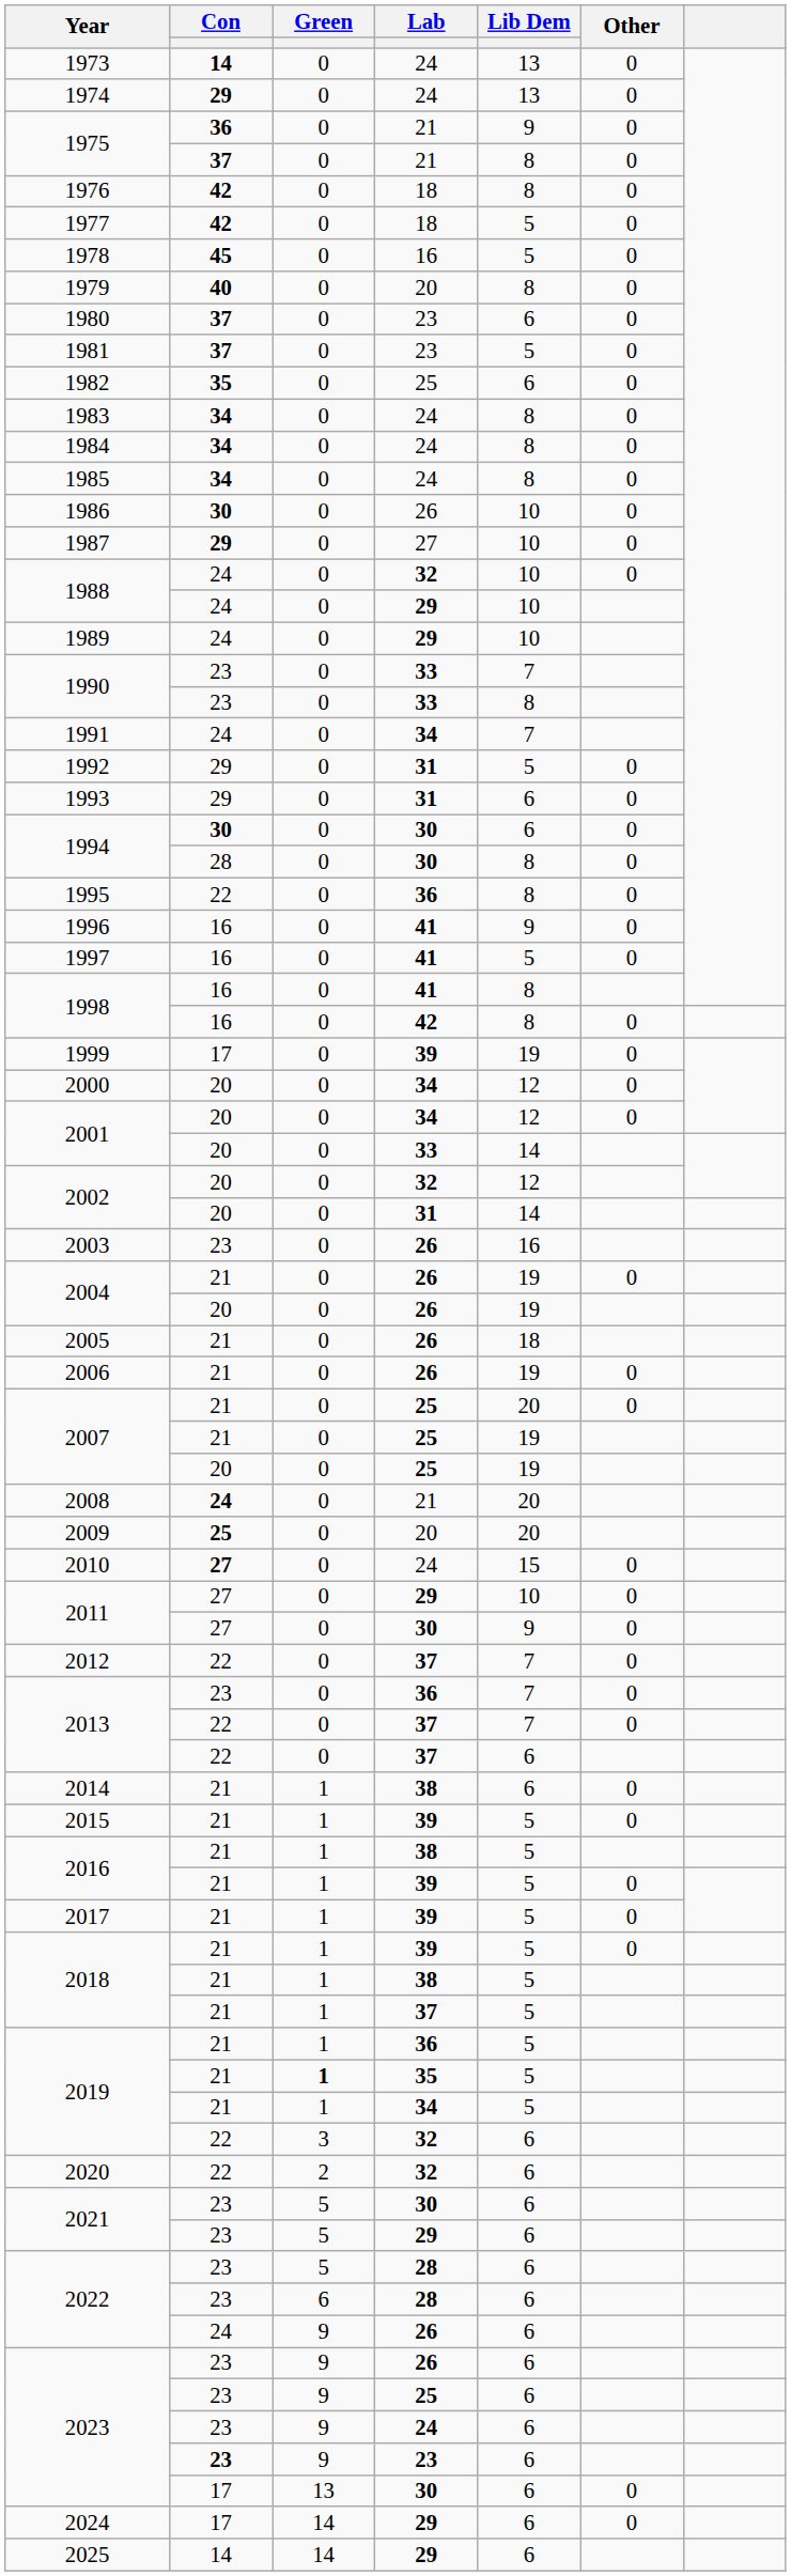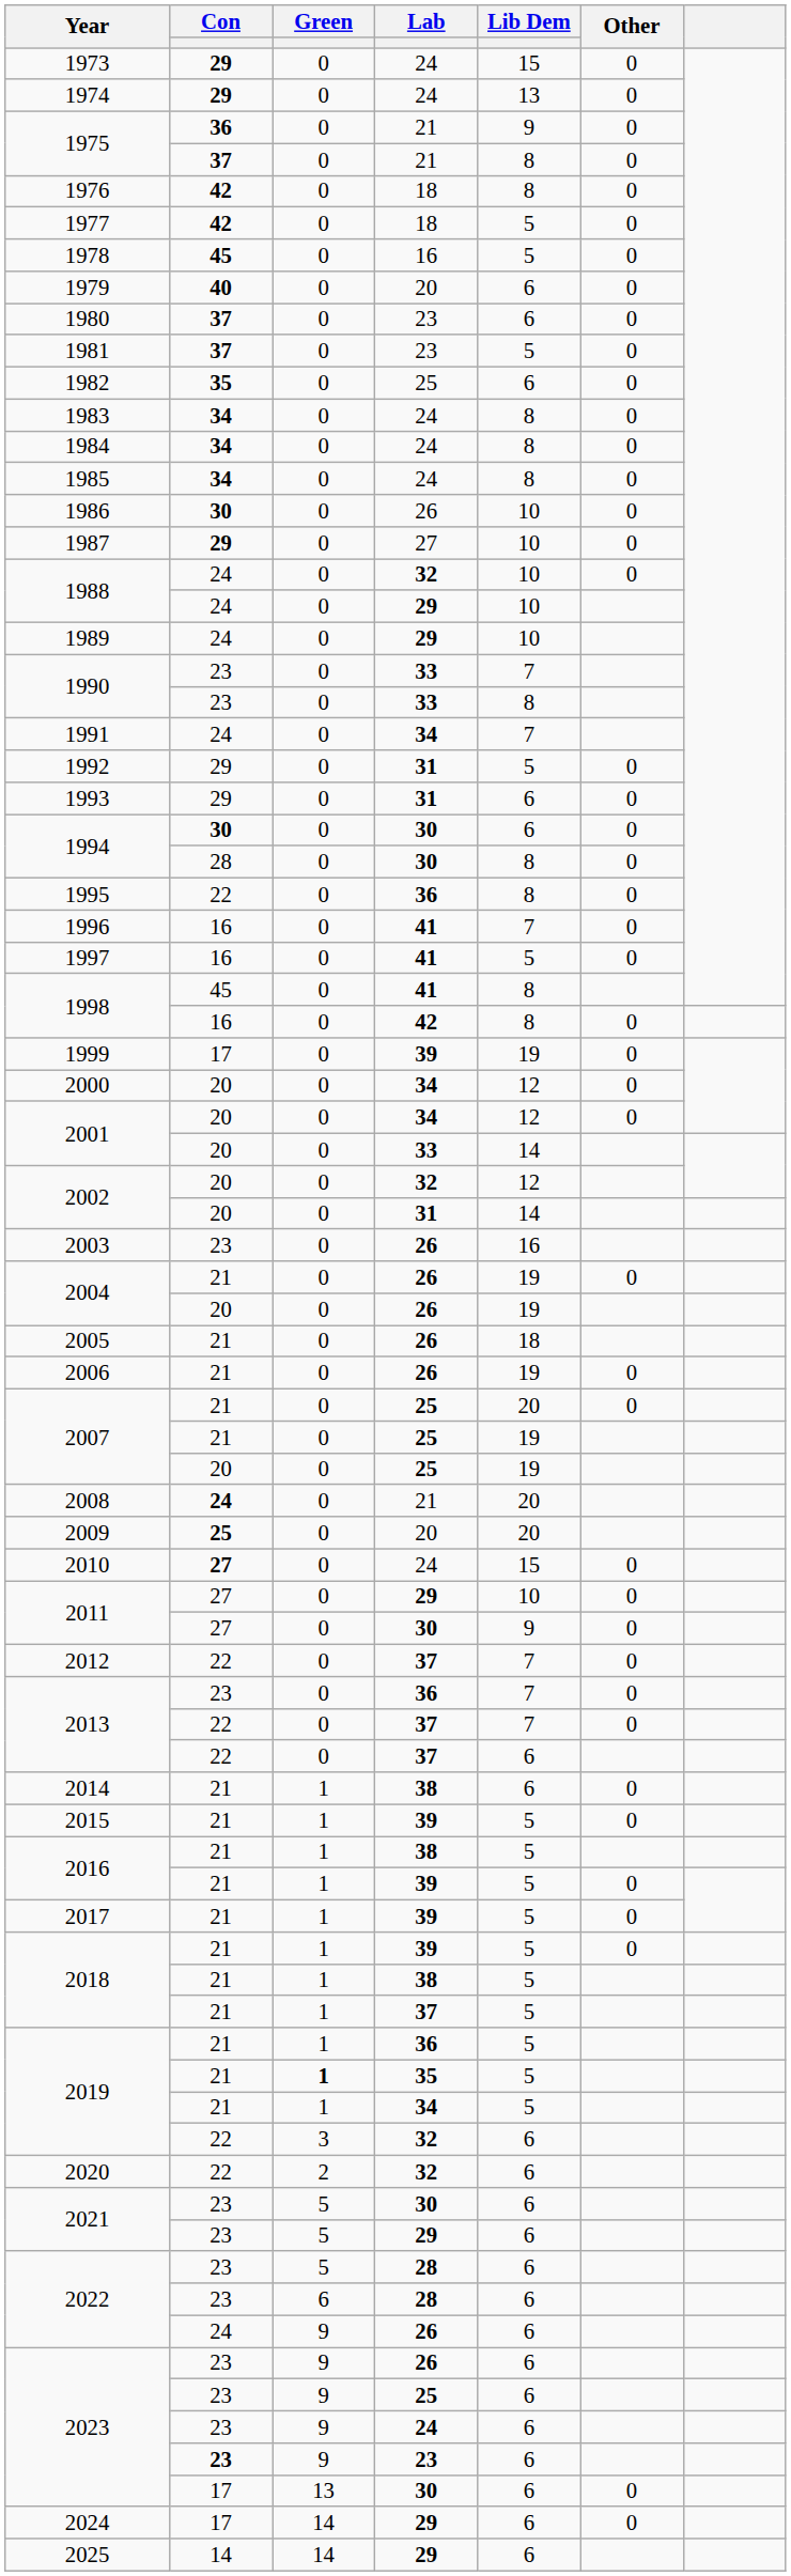 <table class="wikitable sortable" style="text-align:center;font-size:90%;line-height:14px">
 <tr>
 <th style="width:100px;" rowspan="2" class="unsortable">Year</th>
 <th style="width:60px;" class="unsortable"><a href='#'>Con</a></th>
 <th style="width:60px;" class="unsortable"><a href='#'>Green</a></th>
 <th style="width:60px;" class="unsortable"><a href='#'>Lab</a></th>
 <th style="width:60px;" class="unsortable"><a href='#'>Lib Dem</a></th>
 <th style="width:60px;" rowspan="2" class="unsortable">Other</th>
 <th style="width:60px;" rowspan="2" class="unsortable"></th>
 </tr>
 <tr>
 <th class="sortable" style="background:"></th>
 <th class="sortable" style="background:"></th>
 <th class="sortable" style="background:"></th>
 <th class="sortable" style="background:"></th>
 </tr>
 <tr>
 <td>1973</td>
-<td><strong>14</strong></td>
+<td><strong>29</strong></td>
 <td>0</td>
 <td>24</td>
-<td>13</td>
+<td>15</td>
 <td>0</td>
 <td style="text-align:center;" rowspan="30"></td>
 </tr>
 <tr>
 <td>1974</td>
 <td><strong>29</strong></td>
 <td>0</td>
 <td>24</td>
 <td>13</td>
 <td>0</td>
 </tr>
 <tr>
 <td rowspan=2>1975</td>
 <td><strong>36</strong></td>
 <td>0</td>
 <td>21</td>
 <td>9</td>
 <td>0</td>
 </tr>
 <tr>
 <td><strong>37</strong></td>
 <td>0</td>
 <td>21</td>
 <td>8</td>
 <td>0</td>
 </tr>
 <tr>
 <td>1976</td>
 <td><strong>42</strong></td>
 <td>0</td>
 <td>18</td>
 <td>8</td>
 <td>0</td>
 </tr>
 <tr>
 <td>1977</td>
 <td><strong>42</strong></td>
 <td>0</td>
 <td>18</td>
 <td>5</td>
 <td>0</td>
 </tr>
 <tr>
 <td>1978</td>
 <td><strong>45</strong></td>
 <td>0</td>
 <td>16</td>
 <td>5</td>
 <td>0</td>
 </tr>
 <tr>
 <td>1979</td>
 <td><strong>40</strong></td>
 <td>0</td>
 <td>20</td>
-<td>8</td>
+<td>6</td>
 <td>0</td>
 </tr>
 <tr>
 <td>1980</td>
 <td><strong>37</strong></td>
 <td>0</td>
 <td>23</td>
 <td>6</td>
 <td>0</td>
 </tr>
 <tr>
 <td>1981</td>
 <td><strong>37</strong></td>
 <td>0</td>
 <td>23</td>
 <td>5</td>
 <td>0</td>
 </tr>
 <tr>
 <td>1982</td>
 <td><strong>35</strong></td>
 <td>0</td>
 <td>25</td>
 <td>6</td>
 <td>0</td>
 </tr>
 <tr>
 <td>1983</td>
 <td><strong>34</strong></td>
 <td>0</td>
 <td>24</td>
 <td>8</td>
 <td>0</td>
 </tr>
 <tr>
 <td>1984</td>
 <td><strong>34</strong></td>
 <td>0</td>
 <td>24</td>
 <td>8</td>
 <td>0</td>
 </tr>
 <tr>
 <td>1985</td>
 <td><strong>34</strong></td>
 <td>0</td>
 <td>24</td>
 <td>8</td>
 <td>0</td>
 </tr>
 <tr>
 <td>1986</td>
 <td><strong>30</strong></td>
 <td>0</td>
 <td>26</td>
 <td>10</td>
 <td>0</td>
 </tr>
 <tr>
 <td>1987</td>
 <td><strong>29</strong></td>
 <td>0</td>
 <td>27</td>
 <td>10</td>
 <td>0</td>
 </tr>
 <tr>
 <td rowspan=2>1988</td>
 <td>24</td>
 <td>0</td>
 <td><strong>32</strong></td>
 <td>10</td>
 <td>0</td>
 </tr>
 <tr>
 <td>24</td>
 <td>0</td>
 <td><strong>29</strong></td>
 <td>10</td>
 <td></td>
 </tr>
 <tr>
 <td>1989</td>
 <td>24</td>
 <td>0</td>
 <td><strong>29</strong></td>
 <td>10</td>
 <td></td>
 </tr>
 <tr>
 <td rowspan=2>1990</td>
 <td>23</td>
 <td>0</td>
 <td><strong>33</strong></td>
 <td>7</td>
 <td></td>
 </tr>
 <tr>
 <td>23</td>
 <td>0</td>
 <td><strong>33</strong></td>
 <td>8</td>
 <td></td>
 </tr>
 <tr>
 <td>1991</td>
 <td>24</td>
 <td>0</td>
 <td><strong>34</strong></td>
 <td>7</td>
 <td></td>
 </tr>
 <tr>
 <td>1992</td>
 <td>29</td>
 <td>0</td>
 <td><strong>31</strong></td>
 <td>5</td>
 <td>0</td>
 </tr>
 <tr>
 <td>1993</td>
 <td>29</td>
 <td>0</td>
 <td><strong>31</strong></td>
 <td>6</td>
 <td>0</td>
 </tr>
 <tr>
 <td rowspan=2>1994</td>
 <td><strong>30</strong></td>
 <td>0</td>
 <td><strong>30</strong></td>
 <td>6</td>
 <td>0</td>
 </tr>
 <tr>
 <td>28</td>
 <td>0</td>
 <td><strong>30</strong></td>
 <td>8</td>
 <td>0</td>
 </tr>
 <tr>
 <td>1995</td>
 <td>22</td>
 <td>0</td>
 <td><strong>36</strong></td>
 <td>8</td>
 <td>0</td>
 </tr>
 <tr>
 <td>1996</td>
 <td>16</td>
 <td>0</td>
 <td><strong>41</strong></td>
-<td>9</td>
+<td>7</td>
 <td>0</td>
 </tr>
 <tr>
 <td>1997</td>
 <td>16</td>
 <td>0</td>
 <td><strong>41</strong></td>
 <td>5</td>
 <td>0</td>
 </tr>
 <tr>
 <td rowspan=2>1998</td>
-<td>16</td>
+<td>45</td>
 <td>0</td>
 <td><strong>41</strong></td>
 <td>8</td>
 <td></td>
 </tr>
 <tr>
 <td>16</td>
 <td>0</td>
 <td><strong>42</strong></td>
 <td>8</td>
 <td>0</td>
 <td style="text-align:center;"></td>
 </tr>
 <tr>
 <td>1999</td>
 <td>17</td>
 <td>0</td>
 <td><strong>39</strong></td>
 <td>19</td>
 <td>0</td>
 <td style="text-align:center;" rowspan="3"></td>
 </tr>
 <tr>
 <td>2000</td>
 <td>20</td>
 <td>0</td>
 <td><strong>34</strong></td>
 <td>12</td>
 <td>0</td>
 </tr>
 <tr>
 <td rowspan=2>2001</td>
 <td>20</td>
 <td>0</td>
 <td><strong>34</strong></td>
 <td>12</td>
 <td>0</td>
 </tr>
 <tr>
 <td>20</td>
 <td>0</td>
 <td><strong>33</strong></td>
 <td>14</td>
 <td></td>
 <td style="text-align:center;" rowspan="2"></td>
 </tr>
 <tr>
 <td rowspan=2>2002</td>
 <td>20</td>
 <td>0</td>
 <td><strong>32</strong></td>
 <td>12</td>
 <td></td>
 </tr>
 <tr>
 <td>20</td>
 <td>0</td>
 <td><strong>31</strong></td>
 <td>14</td>
 <td></td>
 <td style="text-align:center;"></td>
 </tr>
 <tr>
 <td>2003</td>
 <td>23</td>
 <td>0</td>
 <td><strong>26</strong></td>
 <td>16</td>
 <td></td>
 <td style="text-align:center;"></td>
 </tr>
 <tr>
 <td rowspan=2>2004</td>
 <td>21</td>
 <td>0</td>
 <td><strong>26</strong></td>
 <td>19</td>
 <td>0</td>
 <td style="text-align:center;"></td>
 </tr>
 <tr>
 <td>20</td>
 <td>0</td>
 <td><strong>26</strong></td>
 <td>19</td>
 <td></td>
 <td style="text-align:center;"></td>
 </tr>
 <tr>
 <td>2005</td>
 <td>21</td>
 <td>0</td>
 <td><strong>26</strong></td>
 <td>18</td>
 <td></td>
 <td style="text-align:center;"></td>
 </tr>
 <tr>
 <td>2006</td>
 <td>21</td>
 <td>0</td>
 <td><strong>26</strong></td>
 <td>19</td>
 <td>0</td>
 <td style="text-align:center;"></td>
 </tr>
 <tr>
 <td rowspan=3>2007</td>
 <td>21</td>
 <td>0</td>
 <td><strong>25</strong></td>
 <td>20</td>
 <td>0</td>
 <td style="text-align:center;"></td>
 </tr>
 <tr>
 <td>21</td>
 <td>0</td>
 <td><strong>25</strong></td>
 <td>19</td>
 <td></td>
 <td style="text-align:center;"></td>
 </tr>
 <tr>
 <td>20</td>
 <td>0</td>
 <td><strong>25</strong></td>
 <td>19</td>
 <td></td>
 <td style="text-align:center;"></td>
 </tr>
 <tr>
 <td>2008</td>
 <td><strong>24</strong></td>
 <td>0</td>
 <td>21</td>
 <td>20</td>
 <td></td>
 <td style="text-align:center;"></td>
 </tr>
 <tr>
 <td>2009</td>
 <td><strong>25</strong></td>
 <td>0</td>
 <td>20</td>
 <td>20</td>
 <td></td>
 <td style="text-align:center;"></td>
 </tr>
 <tr>
 <td>2010</td>
 <td><strong>27</strong></td>
 <td>0</td>
 <td>24</td>
 <td>15</td>
 <td>0</td>
 <td style="text-align:center;"></td>
 </tr>
 <tr>
 <td rowspan=2>2011</td>
 <td>27</td>
 <td>0</td>
 <td><strong>29</strong></td>
 <td>10</td>
 <td>0</td>
 <td style="text-align:center;"></td>
 </tr>
 <tr>
 <td>27</td>
 <td>0</td>
 <td><strong>30</strong></td>
 <td>9</td>
 <td>0</td>
 <td style="text-align:center;"></td>
 </tr>
 <tr>
 <td>2012</td>
 <td>22</td>
 <td>0</td>
 <td><strong>37</strong></td>
 <td>7</td>
 <td>0</td>
 <td style="text-align:center;"></td>
 </tr>
 <tr>
 <td rowspan=3>2013</td>
 <td>23</td>
 <td>0</td>
 <td><strong>36</strong></td>
 <td>7</td>
 <td>0</td>
 <td style="text-align:center;"></td>
 </tr>
 <tr>
 <td>22</td>
 <td>0</td>
 <td><strong>37</strong></td>
 <td>7</td>
 <td>0</td>
 <td style="text-align:center;"></td>
 </tr>
 <tr>
 <td>22</td>
 <td>0</td>
 <td><strong>37</strong></td>
 <td>6</td>
 <td></td>
 <td style="text-align:center;"></td>
 </tr>
 <tr>
 <td>2014</td>
 <td>21</td>
 <td>1</td>
 <td><strong>38</strong></td>
 <td>6</td>
 <td>0</td>
 <td style="text-align:center;"></td>
 </tr>
 <tr>
 <td>2015</td>
 <td>21</td>
 <td>1</td>
 <td><strong>39</strong></td>
 <td>5</td>
 <td>0</td>
 <td style="text-align:center;"></td>
 </tr>
 <tr>
 <td rowspan=2>2016</td>
 <td>21</td>
 <td>1</td>
 <td><strong>38</strong></td>
 <td>5</td>
 <td></td>
 <td style="text-align:center;"></td>
 </tr>
 <tr>
 <td>21</td>
 <td>1</td>
 <td><strong>39</strong></td>
 <td>5</td>
 <td>0</td>
 <td style="text-align:center;" rowspan="2"></td>
 </tr>
 <tr>
 <td>2017</td>
 <td>21</td>
 <td>1</td>
 <td><strong>39</strong></td>
 <td>5</td>
 <td>0</td>
 </tr>
 <tr>
 <td rowspan=3>2018</td>
 <td>21</td>
 <td>1</td>
 <td><strong>39</strong></td>
 <td>5</td>
 <td>0</td>
 <td style="text-align:center;"></td>
 </tr>
 <tr>
 <td>21</td>
 <td>1</td>
 <td><strong>38</strong></td>
 <td>5</td>
 <td></td>
 <td style="text-align:center;"></td>
 </tr>
 <tr>
 <td>21</td>
 <td>1</td>
 <td><strong>37</strong></td>
 <td>5</td>
 <td></td>
 <td style="text-align:center;"></td>
 </tr>
 <tr>
 <td rowspan=4>2019</td>
 <td>21</td>
 <td>1</td>
 <td><strong>36</strong></td>
 <td>5</td>
 <td></td>
 <td style="text-align:center;"></td>
 </tr>
 <tr>
 <td>21</td>
 <td><strong>1</strong></td>
 <td><strong>35</strong></td>
 <td>5</td>
 <td></td>
 <td style="text-align:center;"></td>
 </tr>
 <tr>
 <td>21</td>
 <td>1</td>
 <td><strong>34</strong></td>
 <td>5</td>
 <td></td>
 <td style="text-align:center;"></td>
 </tr>
 <tr>
 <td>22</td>
 <td>3</td>
 <td><strong>32</strong></td>
 <td>6</td>
 <td></td>
 <td style="text-align:center;"></td>
 </tr>
 <tr>
 <td>2020</td>
 <td>22</td>
 <td>2</td>
 <td><strong>32</strong></td>
 <td>6</td>
 <td></td>
 <td style="text-align:center;"></td>
 </tr>
 <tr>
 <td rowspan=2>2021</td>
 <td>23</td>
 <td>5</td>
 <td><strong>30</strong></td>
 <td>6</td>
 <td></td>
 <td style="text-align:center;"></td>
 </tr>
 <tr>
 <td>23</td>
 <td>5</td>
 <td><strong>29</strong></td>
 <td>6</td>
 <td></td>
 <td style="text-align:center;"></td>
 </tr>
 <tr>
 <td rowspan=3>2022</td>
 <td>23</td>
 <td>5</td>
 <td><strong>28</strong></td>
 <td>6</td>
 <td></td>
 <td style="text-align:center;"></td>
 </tr>
 <tr>
 <td>23</td>
 <td>6</td>
 <td><strong>28</strong></td>
 <td>6</td>
 <td></td>
 <td style="text-align:center;"></td>
 </tr>
 <tr>
 <td>24</td>
 <td>9</td>
 <td><strong>26</strong></td>
 <td>6</td>
 <td></td>
 <td style="text-align:center;"></td>
 </tr>
 <tr>
 <td rowspan=5>2023</td>
 <td>23</td>
 <td>9</td>
 <td><strong>26</strong></td>
 <td>6</td>
 <td></td>
 <td style="text-align:center;"></td>
 </tr>
 <tr>
 <td>23</td>
 <td>9</td>
 <td><strong>25</strong></td>
 <td>6</td>
 <td></td>
 <td style="text-align:center;"></td>
 </tr>
 <tr>
 <td>23</td>
 <td>9</td>
 <td><strong>24</strong></td>
 <td>6</td>
 <td></td>
 <td style="text-align:center;"></td>
 </tr>
 <tr>
 <td><strong>23</strong></td>
 <td>9</td>
 <td><strong>23</strong></td>
 <td>6</td>
 <td></td>
 <td style="text-align:center;"></td>
 </tr>
 <tr>
 <td>17</td>
 <td>13</td>
 <td><strong>30</strong></td>
 <td>6</td>
 <td>0</td>
 <td style="text-align:center;"></td>
 </tr>
 <tr>
 <td>2024</td>
 <td>17</td>
 <td>14</td>
 <td><strong>29</strong></td>
 <td>6</td>
 <td>0</td>
 <td style="text-align:center;"></td>
 </tr>
 <tr>
 <td>2025</td>
 <td>14</td>
 <td>14</td>
 <td><strong>29</strong></td>
 <td>6</td>
 <td></td>
 <td style="text-align:center;"></td>
 </tr>
 </table>
